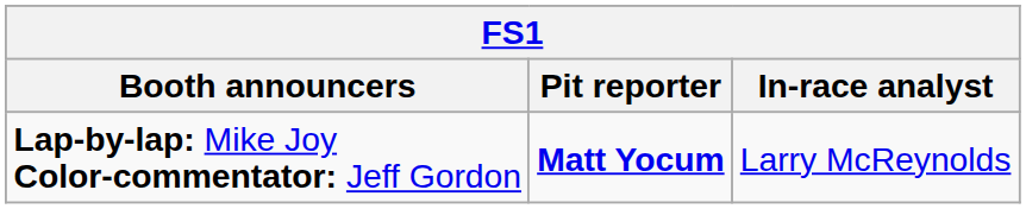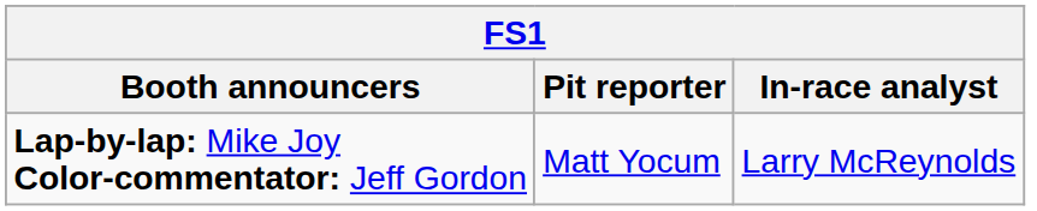 <table class="wikitable" style="font-size: 95%">
 <tr>
 <th colspan="3"><a href='#'>FS1</a></th>
 </tr>
 <tr>
 <th>Booth announcers</th>
 <th>Pit reporter</th>
 <th>In-race analyst</th>
 </tr>
 <tr>
 <td><strong>Lap-by-lap:</strong> <a href='#'>Mike Joy</a><br><strong>Color-commentator:</strong> <a href='#'>Jeff Gordon</a></td>
-<td><strong><a href='#'>Matt Yocum</a></strong></td>
+<td><a href='#'>Matt Yocum</a></td>
 <td><a href='#'>Larry McReynolds</a></td>
 </tr>
 </table>
